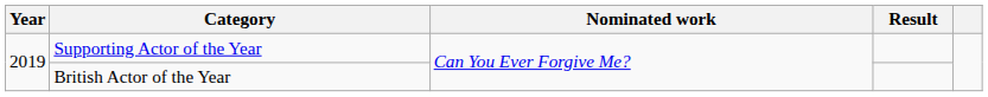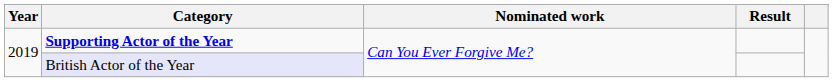 <table class=wikitable>
 <tr>
 <th scope="col" style="width:1em;">Year</th>
 <th scope="col" style="width:33em;">Category</th>
 <th scope="col" style="width:39em;">Nominated work</th>
 <th scope="col" style="width:5em;">Result</th>
 <th scope="col" style="width:2em;"></th>
 </tr>
 <tr>
 <td rowspan="2">2019</td>
-<td><a href='#'>Supporting Actor of the Year</a></td>
+<td><strong><a href='#'>Supporting Actor of the Year</a></strong></td>
 <td rowspan="2"><em><a href='#'>Can You Ever Forgive Me?</a></em></td>
 <td></td>
 <td style="text-align:center;" rowspan="2"></td>
 </tr>
 <tr>
-<td>British Actor of the Year</td>
+<td style="background: lavender;">British Actor of the Year</td>
 <td></td>
 </tr>
 </table>
